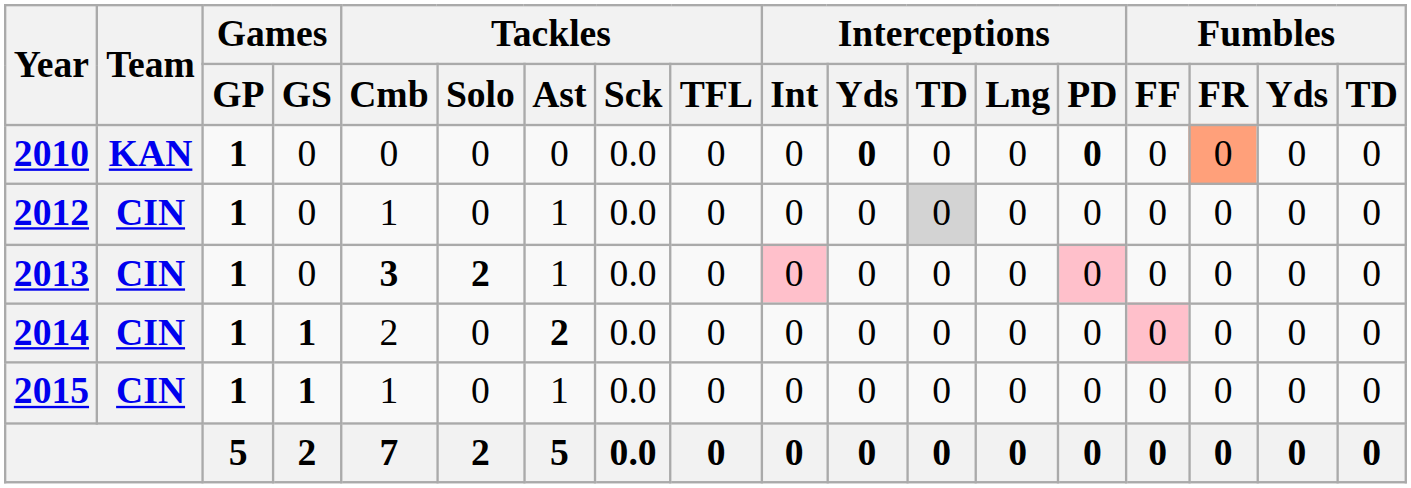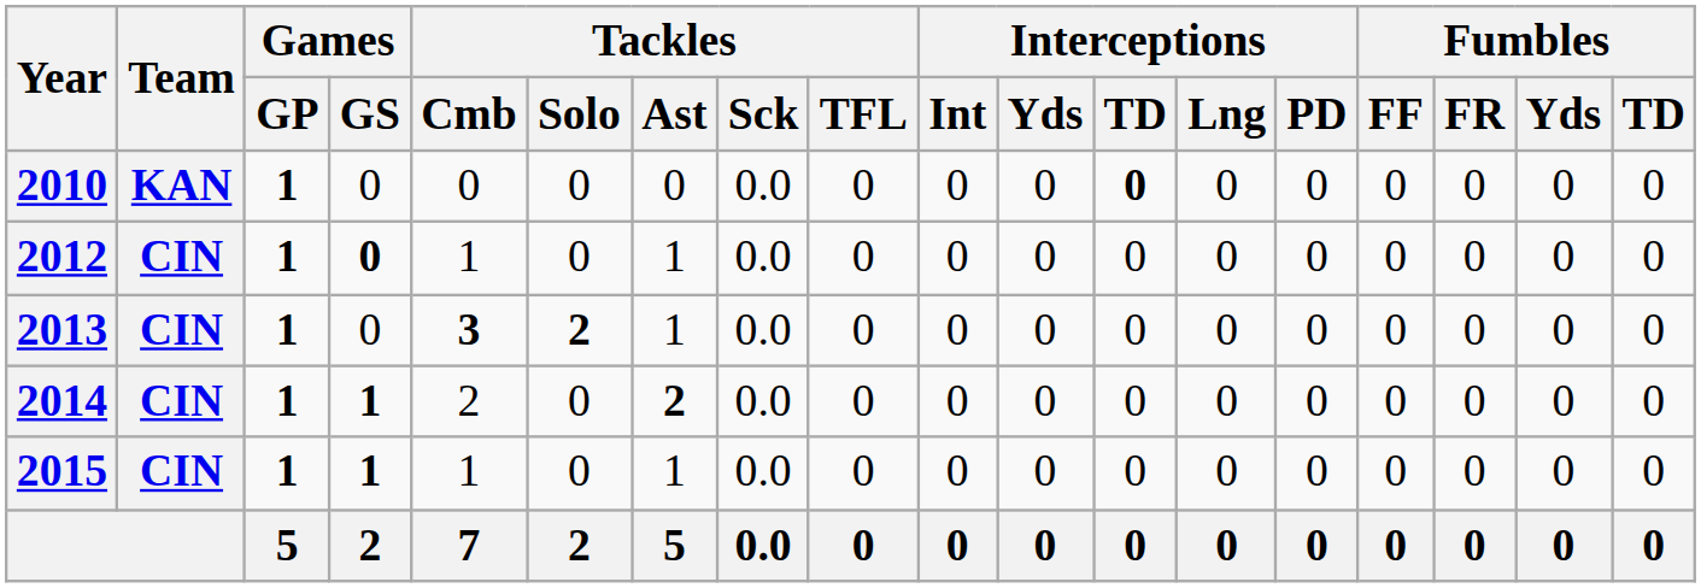 <table class="wikitable" style="text-align:center">
 <tr>
 <th rowspan="2">Year</th>
 <th rowspan="2">Team</th>
 <th colspan="2">Games</th>
 <th colspan="5">Tackles</th>
 <th colspan="5">Interceptions</th>
 <th colspan="4">Fumbles</th>
 </tr>
 <tr>
 <th>GP</th>
 <th>GS</th>
 <th>Cmb</th>
 <th>Solo</th>
 <th>Ast</th>
 <th>Sck</th>
 <th>TFL</th>
 <th>Int</th>
 <th>Yds</th>
 <th>TD</th>
 <th>Lng</th>
 <th>PD</th>
 <th>FF</th>
 <th>FR</th>
 <th>Yds</th>
 <th>TD</th>
 </tr>
 <tr>
 <th><a href='#'>2010</a></th>
 <th><a href='#'>KAN</a></th>
 <td><strong>1</strong></td>
 <td>0</td>
 <td>0</td>
 <td>0</td>
 <td>0</td>
 <td>0.0</td>
 <td>0</td>
 <td>0</td>
+<td>0</td>
 <td><strong>0</strong></td>
 <td>0</td>
 <td>0</td>
-<td><strong>0</strong></td>
 <td>0</td>
-<td style="background: lightsalmon;">0</td>
+<td>0</td>
 <td>0</td>
 <td>0</td>
 </tr>
 <tr>
 <th><a href='#'>2012</a></th>
 <th><a href='#'>CIN</a></th>
 <td><strong>1</strong></td>
-<td>0</td>
+<td><strong>0</strong></td>
 <td>1</td>
 <td>0</td>
 <td>1</td>
 <td>0.0</td>
 <td>0</td>
 <td>0</td>
 <td>0</td>
-<td style="background: lightgrey;">0</td>
+<td>0</td>
 <td>0</td>
 <td>0</td>
 <td>0</td>
 <td>0</td>
 <td>0</td>
 <td>0</td>
 </tr>
 <tr>
 <th><a href='#'>2013</a></th>
 <th><a href='#'>CIN</a></th>
 <td><strong>1</strong></td>
 <td>0</td>
 <td><strong>3</strong></td>
 <td><strong>2</strong></td>
 <td>1</td>
 <td>0.0</td>
 <td>0</td>
-<td style="background: pink;">0</td>
 <td>0</td>
 <td>0</td>
 <td>0</td>
-<td style="background: pink;">0</td>
+<td>0</td>
+<td>0</td>
 <td>0</td>
 <td>0</td>
 <td>0</td>
 <td>0</td>
 </tr>
 <tr>
 <th><a href='#'>2014</a></th>
 <th><a href='#'>CIN</a></th>
 <td><strong>1</strong></td>
 <td><strong>1</strong></td>
 <td>2</td>
 <td>0</td>
 <td><strong>2</strong></td>
 <td>0.0</td>
 <td>0</td>
 <td>0</td>
 <td>0</td>
 <td>0</td>
 <td>0</td>
 <td>0</td>
-<td style="background: pink;">0</td>
+<td>0</td>
 <td>0</td>
 <td>0</td>
 <td>0</td>
 </tr>
 <tr>
 <th><a href='#'>2015</a></th>
 <th><a href='#'>CIN</a></th>
 <td><strong>1</strong></td>
 <td><strong>1</strong></td>
 <td>1</td>
 <td>0</td>
 <td>1</td>
 <td>0.0</td>
 <td>0</td>
 <td>0</td>
 <td>0</td>
 <td>0</td>
 <td>0</td>
 <td>0</td>
 <td>0</td>
 <td>0</td>
 <td>0</td>
 <td>0</td>
 </tr>
 <tr>
 <th colspan="2"></th>
 <th>5</th>
 <th>2</th>
 <th>7</th>
 <th>2</th>
 <th>5</th>
 <th>0.0</th>
 <th>0</th>
 <th>0</th>
 <th>0</th>
 <th>0</th>
 <th>0</th>
 <th>0</th>
 <th>0</th>
 <th>0</th>
 <th>0</th>
 <th>0</th>
 </tr>
 </table>
